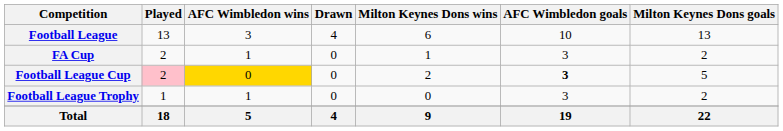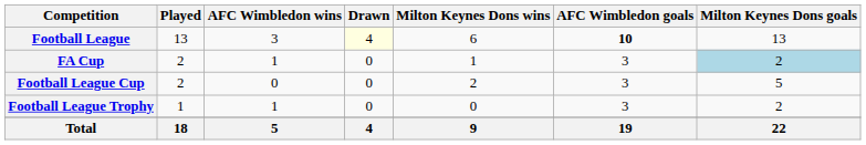 <table class="sortable wikitable plainrowheaders" style="text-align:center;">
 <tr>
 <th scope="col" class="unsortable">Competition</th>
 <th scope="col">Played</th>
 <th scope="col">AFC Wimbledon wins</th>
 <th scope="col">Drawn</th>
 <th scope="col">Milton Keynes Dons wins</th>
 <th scope="col">AFC Wimbledon goals</th>
 <th scope="col">Milton Keynes Dons goals</th>
 </tr>
 <tr>
 <th scope="row"><a href='#'>Football League</a></th>
 <td>13</td>
 <td>3</td>
-<td>4</td>
+<td style="background: lightyellow;">4</td>
 <td>6</td>
-<td>10</td>
+<td><strong>10</strong></td>
 <td>13</td>
 </tr>
 <tr>
 <th scope="row"><a href='#'>FA Cup</a></th>
 <td>2</td>
 <td>1</td>
 <td>0</td>
 <td>1</td>
 <td>3</td>
-<td>2</td>
+<td style="background: lightblue;">2</td>
 </tr>
 <tr>
 <th scope="row"><a href='#'>Football League Cup</a></th>
-<td style="background: pink;">2</td>
-<td style="background: gold;">0</td>
+<td>2</td>
+<td>0</td>
 <td>0</td>
 <td>2</td>
-<td><strong>3</strong></td>
+<td>3</td>
 <td>5</td>
 </tr>
 <tr>
 <th scope="row"><a href='#'>Football League Trophy</a></th>
 <td>1</td>
 <td>1</td>
 <td>0</td>
 <td>0</td>
 <td>3</td>
 <td>2</td>
 </tr>
 <tr>
 </tr>
 <tr class="sortbottom">
 <th>Total</th>
 <th>18</th>
 <th>5</th>
 <th>4</th>
 <th>9</th>
 <th>19</th>
 <th>22</th>
 </tr>
 </table>
